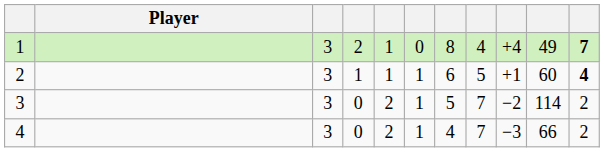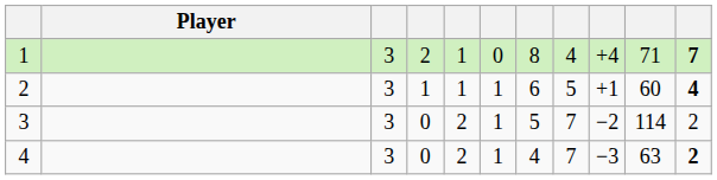 <table class="wikitable" style="text-align:center; margin: 1em auto 1em auto, align:left">
 <tr>
 <th width=20></th>
 <th width=240>Player</th>
 <th width=20></th>
 <th width=20></th>
 <th width=20></th>
 <th width=20></th>
 <th width=20></th>
 <th width=20></th>
 <th width=20></th>
 <th width=30></th>
 <th width=20></th>
 </tr>
 <tr style="background:#D0F0C0;">
 <td>1</td>
 <td align=left></td>
 <td>3</td>
 <td>2</td>
 <td>1</td>
 <td>0</td>
 <td>8</td>
 <td>4</td>
 <td>+4</td>
-<td>49</td>
+<td>71</td>
 <td><strong>7</strong></td>
 </tr>
 <tr style=>
 <td>2</td>
 <td align=left></td>
 <td>3</td>
 <td>1</td>
 <td>1</td>
 <td>1</td>
 <td>6</td>
 <td>5</td>
 <td>+1</td>
 <td>60</td>
 <td><strong>4</strong></td>
 </tr>
 <tr style=>
 <td>3</td>
 <td align=left></td>
 <td>3</td>
 <td>0</td>
 <td>2</td>
 <td>1</td>
 <td>5</td>
 <td>7</td>
 <td>−2</td>
 <td>114</td>
 <td>2</td>
 </tr>
 <tr style=>
 <td>4</td>
 <td align=left></td>
 <td>3</td>
 <td>0</td>
 <td>2</td>
 <td>1</td>
 <td>4</td>
 <td>7</td>
 <td>−3</td>
-<td>66</td>
-<td>2</td>
+<td>63</td>
+<td><strong>2</strong></td>
 </tr>
 </table>
